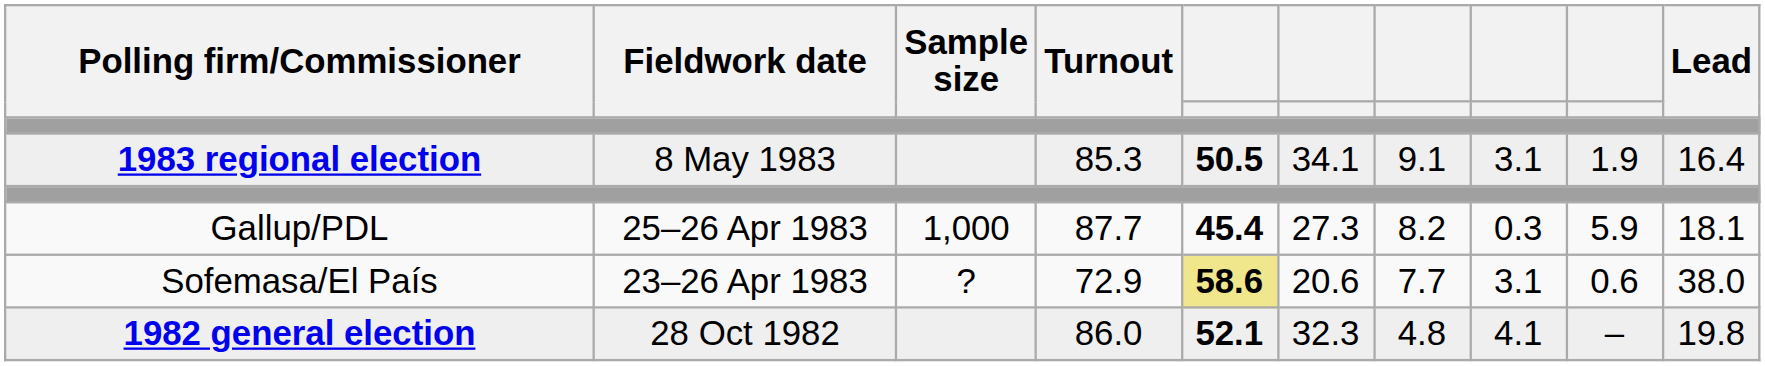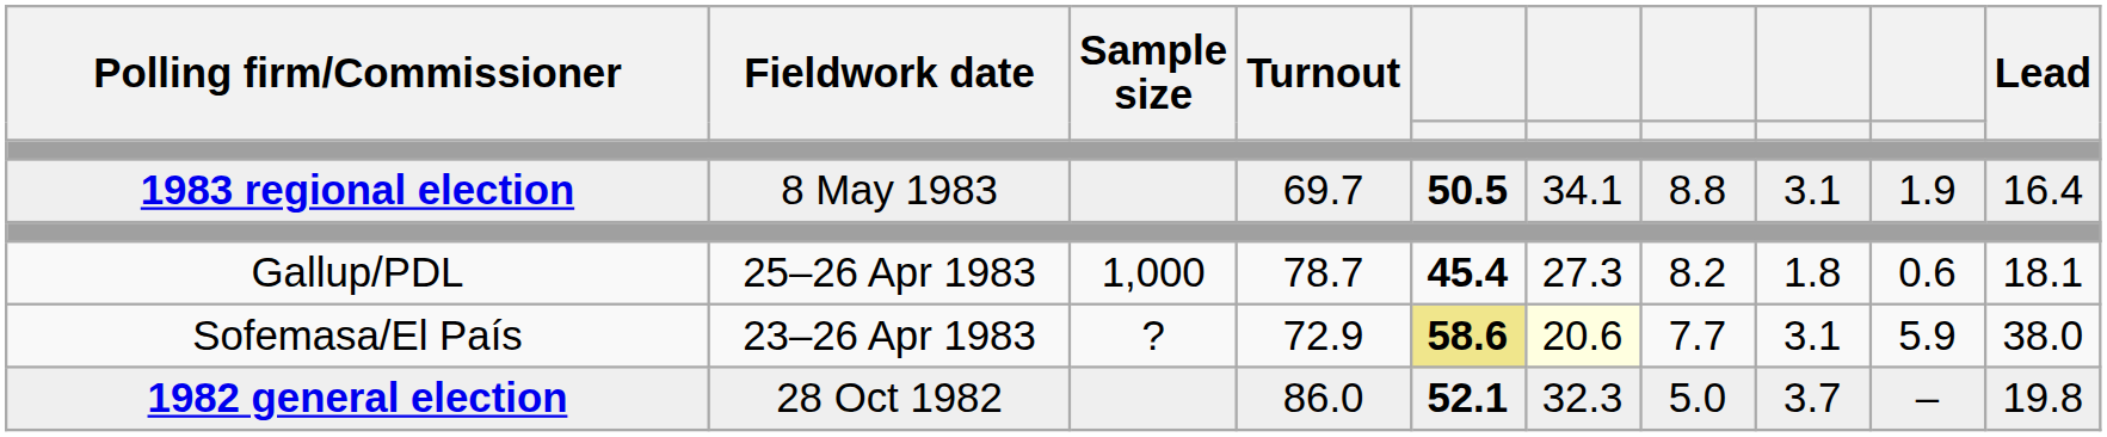 <table class="wikitable collapsible collapsed" style="text-align:center; font-size:95%; line-height:16px;">
 <tr style="height:42px;">
 <th style="width:250px;" rowspan="2">Polling firm/Commissioner</th>
 <th style="width:125px;" rowspan="2">Fieldwork date</th>
 <th style="width:50px;" rowspan="2">Sample size</th>
 <th style="width:45px;" rowspan="2">Turnout</th>
 <th style="width:35px;"></th>
 <th style="width:35px;"></th>
 <th style="width:35px;"></th>
 <th style="width:35px;"></th>
 <th style="width:35px;"></th>
 <th style="width:30px;" rowspan="2">Lead</th>
 </tr>
 <tr>
 <th style="color:inherit;background:"></th>
 <th style="color:inherit;background:"></th>
 <th style="color:inherit;background:"></th>
 <th style="color:inherit;background:"></th>
 <th style="color:inherit;background:"></th>
 </tr>
 <tr>
 <td colspan="10" style="background:#A0A0A0"></td>
 </tr>
 <tr style="background:#EFEFEF;">
 <td><strong><a href='#'>1983 regional election</a></strong></td>
 <td>8 May 1983</td>
 <td></td>
-<td>85.3</td>
+<td>69.7</td>
 <td><strong>50.5</strong><br></td>
 <td>34.1<br></td>
-<td>9.1<br></td>
+<td>8.8<br></td>
 <td>3.1<br></td>
 <td>1.9<br></td>
 <td style="background:">16.4</td>
 </tr>
 <tr>
 <td colspan="10" style="background:#A0A0A0"></td>
 </tr>
 <tr>
 <td>Gallup/PDL</td>
 <td>25–26 Apr 1983</td>
 <td>1,000</td>
-<td>87.7</td>
+<td>78.7</td>
 <td><strong>45.4</strong></td>
 <td>27.3</td>
 <td>8.2</td>
-<td>0.3</td>
-<td>5.9</td>
+<td>1.8</td>
+<td>0.6<br></td>
 <td style="background:">18.1</td>
 </tr>
 <tr>
 <td>Sofemasa/El País</td>
 <td>23–26 Apr 1983</td>
 <td>?</td>
 <td>72.9</td>
 <td style="background: khaki;"><strong>58.6</strong><br></td>
-<td>20.6<br></td>
+<td style="background: lightyellow;">20.6<br></td>
 <td>7.7<br></td>
 <td>3.1<br></td>
-<td>0.6<br></td>
+<td>5.9</td>
 <td style="background:">38.0</td>
 </tr>
 <tr style="background:#EFEFEF;">
 <td><strong><a href='#'>1982 general election</a></strong></td>
 <td>28 Oct 1982</td>
 <td></td>
 <td>86.0</td>
 <td><strong>52.1</strong><br></td>
 <td>32.3<br></td>
-<td>4.8<br></td>
-<td>4.1<br></td>
+<td>5.0<br></td>
+<td>3.7<br></td>
 <td>–</td>
 <td style="background:">19.8</td>
 </tr>
 </table>
